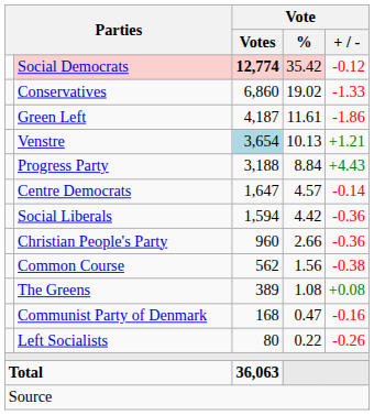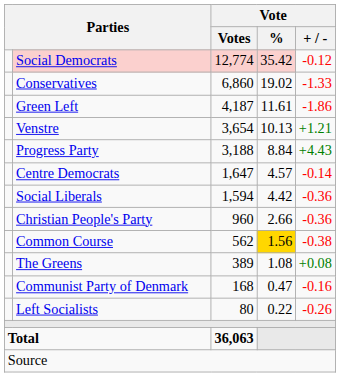 <table class="wikitable" style="text-align:right;">
 <tr>
 <th style="text-align:centre;" rowspan="2" colspan="2" width="225">Parties</th>
 <th colspan="3">Vote</th>
 </tr>
 <tr>
 <th width="15">Votes</th>
 <th width="15">%</th>
 <th width="15">+ / -</th>
 </tr>
 <tr>
 <td width="2" style="color:inherit;background:"></td>
 <td bgcolor=#fbd0ce  align="left"><a href='#'>Social Democrats</a></td>
-<td bgcolor=#fbd0ce><strong>12,774</strong></td>
+<td bgcolor=#fbd0ce>12,774</td>
 <td bgcolor=#fbd0ce>35.42</td>
 <td style=color:red;>-0.12</td>
 </tr>
 <tr>
 <td width="2" style="color:inherit;background:"></td>
 <td align="left"><a href='#'>Conservatives</a></td>
 <td>6,860</td>
 <td>19.02</td>
 <td style=color:red;>-1.33</td>
 </tr>
 <tr>
 <td width="2" style="color:inherit;background:"></td>
 <td align="left"><a href='#'>Green Left</a></td>
 <td>4,187</td>
 <td>11.61</td>
 <td style=color:red;>-1.86</td>
 </tr>
 <tr>
 <td width="2" style="color:inherit;background:"></td>
 <td align="left"><a href='#'>Venstre</a></td>
-<td style="background: lightblue;">3,654</td>
+<td>3,654</td>
 <td>10.13</td>
 <td style=color:green;>+1.21</td>
 </tr>
 <tr>
 <td width="2" style="color:inherit;background:"></td>
 <td align="left"><a href='#'>Progress Party</a></td>
 <td>3,188</td>
 <td>8.84</td>
 <td style=color:green;>+4.43</td>
 </tr>
 <tr>
 <td width="2" style="color:inherit;background:"></td>
 <td align="left"><a href='#'>Centre Democrats</a></td>
 <td>1,647</td>
 <td>4.57</td>
 <td style=color:red;>-0.14</td>
 </tr>
 <tr>
 <td width="2" style="color:inherit;background:"></td>
 <td align="left"><a href='#'>Social Liberals</a></td>
 <td>1,594</td>
 <td>4.42</td>
 <td style=color:red;>-0.36</td>
 </tr>
 <tr>
 <td width="2" style="color:inherit;background:"></td>
 <td align="left"><a href='#'>Christian People's Party</a></td>
 <td>960</td>
 <td>2.66</td>
 <td style=color:red;>-0.36</td>
 </tr>
 <tr>
 <td width="2" style="color:inherit;background:"></td>
 <td align="left"><a href='#'>Common Course</a></td>
 <td>562</td>
-<td>1.56</td>
+<td style="background: gold;">1.56</td>
 <td style=color:red;>-0.38</td>
 </tr>
 <tr>
 <td width="2" style="color:inherit;background:"></td>
 <td align="left"><a href='#'>The Greens</a></td>
 <td>389</td>
 <td>1.08</td>
 <td style=color:green;>+0.08</td>
 </tr>
 <tr>
 <td width="2" style="color:inherit;background:"></td>
 <td align="left"><a href='#'>Communist Party of Denmark</a></td>
 <td>168</td>
 <td>0.47</td>
 <td style=color:red;>-0.16</td>
 </tr>
 <tr>
 <td width="2" style="color:inherit;background:"></td>
 <td align="left"><a href='#'>Left Socialists</a></td>
 <td>80</td>
 <td>0.22</td>
 <td style=color:red;>-0.26</td>
 </tr>
 <tr>
 <td colspan="7" bgcolor="#E9E9E9"></td>
 </tr>
 <tr>
 <td align="left" colspan="2"><strong>Total</strong></td>
 <td><strong>36,063</strong></td>
 <td bgcolor="#E9E9E9" colspan="2"></td>
 </tr>
 <tr>
 <td align="left" colspan="6">Source</td>
 </tr>
 </table>
